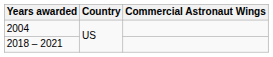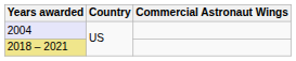 <table class="wikitable">
 <tr>
 <th>Years awarded</th>
 <th>Country</th>
 <th>Commercial Astronaut Wings</th>
 </tr>
 <tr>
-<td>2004</td>
+<td style="background: lavender;">2004</td>
 <td rowspan="2">US</td>
 <td></td>
 </tr>
 <tr>
-<td>2018 – 2021</td>
+<td style="background: khaki;">2018 – 2021</td>
 <td></td>
 </tr>
 </table>
